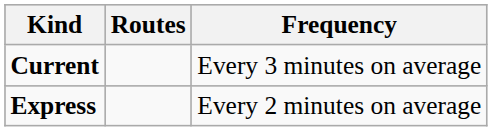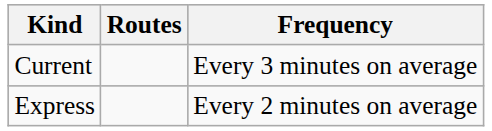 <table class="wikitable" style="margin:1em auto;">
 <tr>
 <th>Kind</th>
 <th>Routes</th>
 <th>Frequency</th>
 </tr>
 <tr>
-<td><strong>Current</strong></td>
+<td>Current</td>
 <td>  </td>
 <td>Every 3 minutes on average</td>
 </tr>
 <tr>
-<td><strong>Express</strong></td>
+<td>Express</td>
 <td> </td>
 <td>Every 2 minutes on average</td>
 </tr>
 </table>
